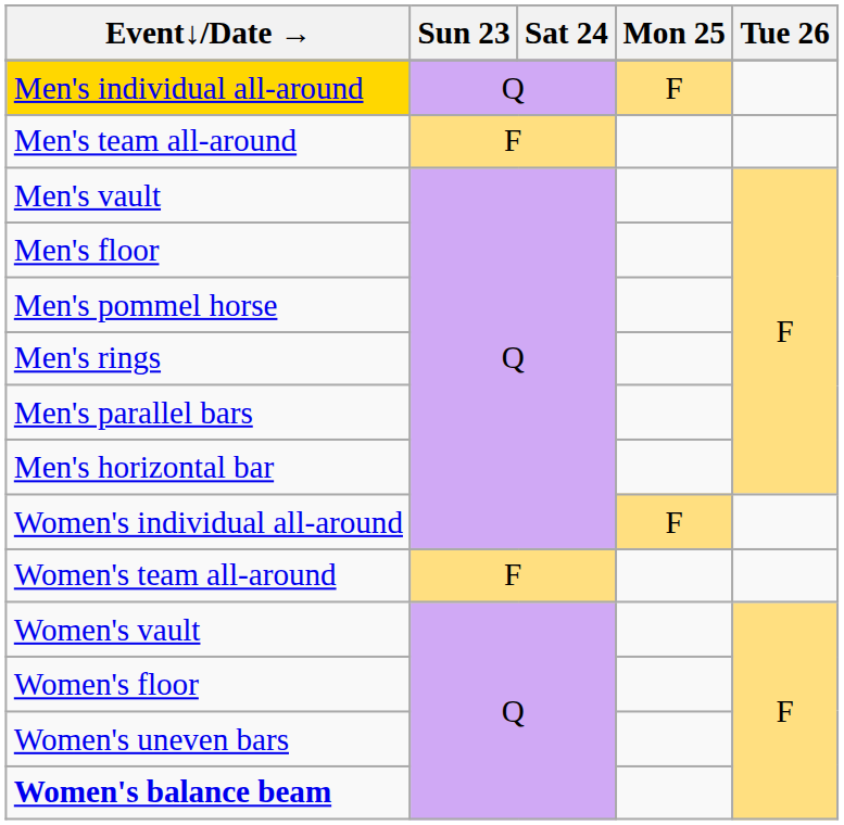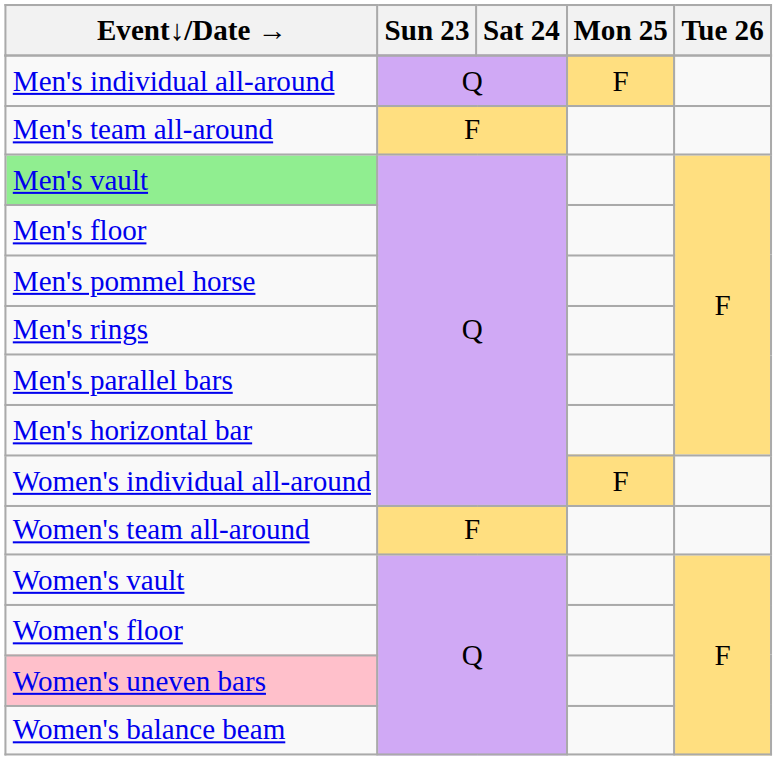 <table class="wikitable" style="margin:0.5em auto; font-size:90%; line-height:1.25em;">
 <tr align="center">
 <th>Event↓/Date →</th>
 <th>Sun 23</th>
 <th>Sat 24</th>
 <th>Mon 25</th>
 <th>Tue 26</th>
 </tr>
 <tr>
 </tr>
 <tr align="center">
-<td align="left" style="background: gold;"><a href='#'>Men's individual all-around</a></td>
+<td align="left"><a href='#'>Men's individual all-around</a></td>
 <td colspan="2" bgcolor="#D0A9F5">Q</td>
 <td bgcolor="#FFDF80">F</td>
 <td></td>
 </tr>
 <tr align="center">
 <td align="left"><a href='#'>Men's team all-around</a></td>
 <td colspan="2" bgcolor="#FFDF80">F</td>
 <td></td>
 <td></td>
 </tr>
 <tr align="center">
-<td align="left"><a href='#'>Men's vault</a></td>
+<td align="left" style="background: lightgreen;"><a href='#'>Men's vault</a></td>
 <td colspan="2" rowspan="7" bgcolor="#D0A9F5">Q</td>
 <td></td>
 <td rowspan=6 bgcolor="#FFDF80">F</td>
 </tr>
 <tr align="center">
 <td align="left"><a href='#'>Men's floor</a></td>
 <td></td>
 </tr>
 <tr align="center">
 <td align="left"><a href='#'>Men's pommel horse</a></td>
 <td></td>
 </tr>
 <tr align="center">
 <td align="left"><a href='#'>Men's rings</a></td>
 <td></td>
 </tr>
 <tr align="center">
 <td align="left"><a href='#'>Men's parallel bars</a></td>
 <td></td>
 </tr>
 <tr align="center">
 <td align="left"><a href='#'>Men's horizontal bar</a></td>
 <td></td>
 </tr>
 <tr align="center">
 <td align="left"><a href='#'>Women's individual all-around</a></td>
 <td bgcolor="#FFDF80">F</td>
 <td></td>
 </tr>
 <tr align="center">
 <td align="left"><a href='#'>Women's team all-around</a></td>
 <td colspan="2" bgcolor="#FFDF80">F</td>
 <td></td>
 <td></td>
 </tr>
 <tr align="center">
 <td align="left"><a href='#'>Women's vault</a></td>
 <td colspan="2" rowspan="4" bgcolor="#D0A9F5">Q</td>
 <td></td>
 <td rowspan="4" bgcolor="#FFDF80">F</td>
 </tr>
 <tr align="center">
 <td align="left"><a href='#'>Women's floor</a></td>
 <td></td>
 </tr>
 <tr align="center">
-<td align="left"><a href='#'>Women's uneven bars</a></td>
+<td align="left" style="background: pink;"><a href='#'>Women's uneven bars</a></td>
 </tr>
 <tr align="center">
-<td align="left"><strong><a href='#'>Women's balance beam</a></strong></td>
+<td align="left"><a href='#'>Women's balance beam</a></td>
 <td></td>
 </tr>
 </table>
